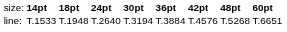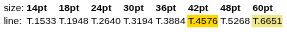 <table style="margin-left:40px;">
 <tr>
 <td>size:</td>
 <td><strong>14pt</strong></td>
 <td><strong>18pt</strong></td>
 <td><strong>24pt</strong></td>
 <td><strong>30pt</strong></td>
 <td><strong>36pt</strong></td>
 <td><strong>42pt</strong></td>
 <td><strong>48pt</strong></td>
 <td><strong>60pt</strong></td>
 </tr>
 <tr>
 <td>line:</td>
 <td>T.1533</td>
 <td>T.1948</td>
 <td>T.2640</td>
 <td>T.3194</td>
 <td>T.3884</td>
-<td>T.4576</td>
+<td style="background: gold;">T.4576</td>
 <td>T.5268</td>
-<td>T.6651</td>
+<td style="background: khaki;">T.6651</td>
 </tr>
 </table>
